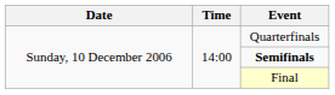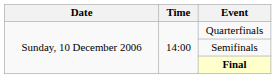 <table class = "wikitable" style="text-align:center;">
 <tr>
 <th width=220>Date</th>
 <th width=50>Time</th>
 <th width=100>Event</th>
 </tr>
 <tr>
 <td rowspan=3>Sunday, 10 December 2006</td>
 <td rowspan=3>14:00</td>
 <td>Quarterfinals</td>
 </tr>
 <tr>
-<td><strong>Semifinals</strong></td>
+<td>Semifinals</td>
 </tr>
 <tr>
-<td bgcolor=ffffcc>Final</td>
+<td bgcolor=ffffcc><strong>Final</strong></td>
 </tr>
 </table>
